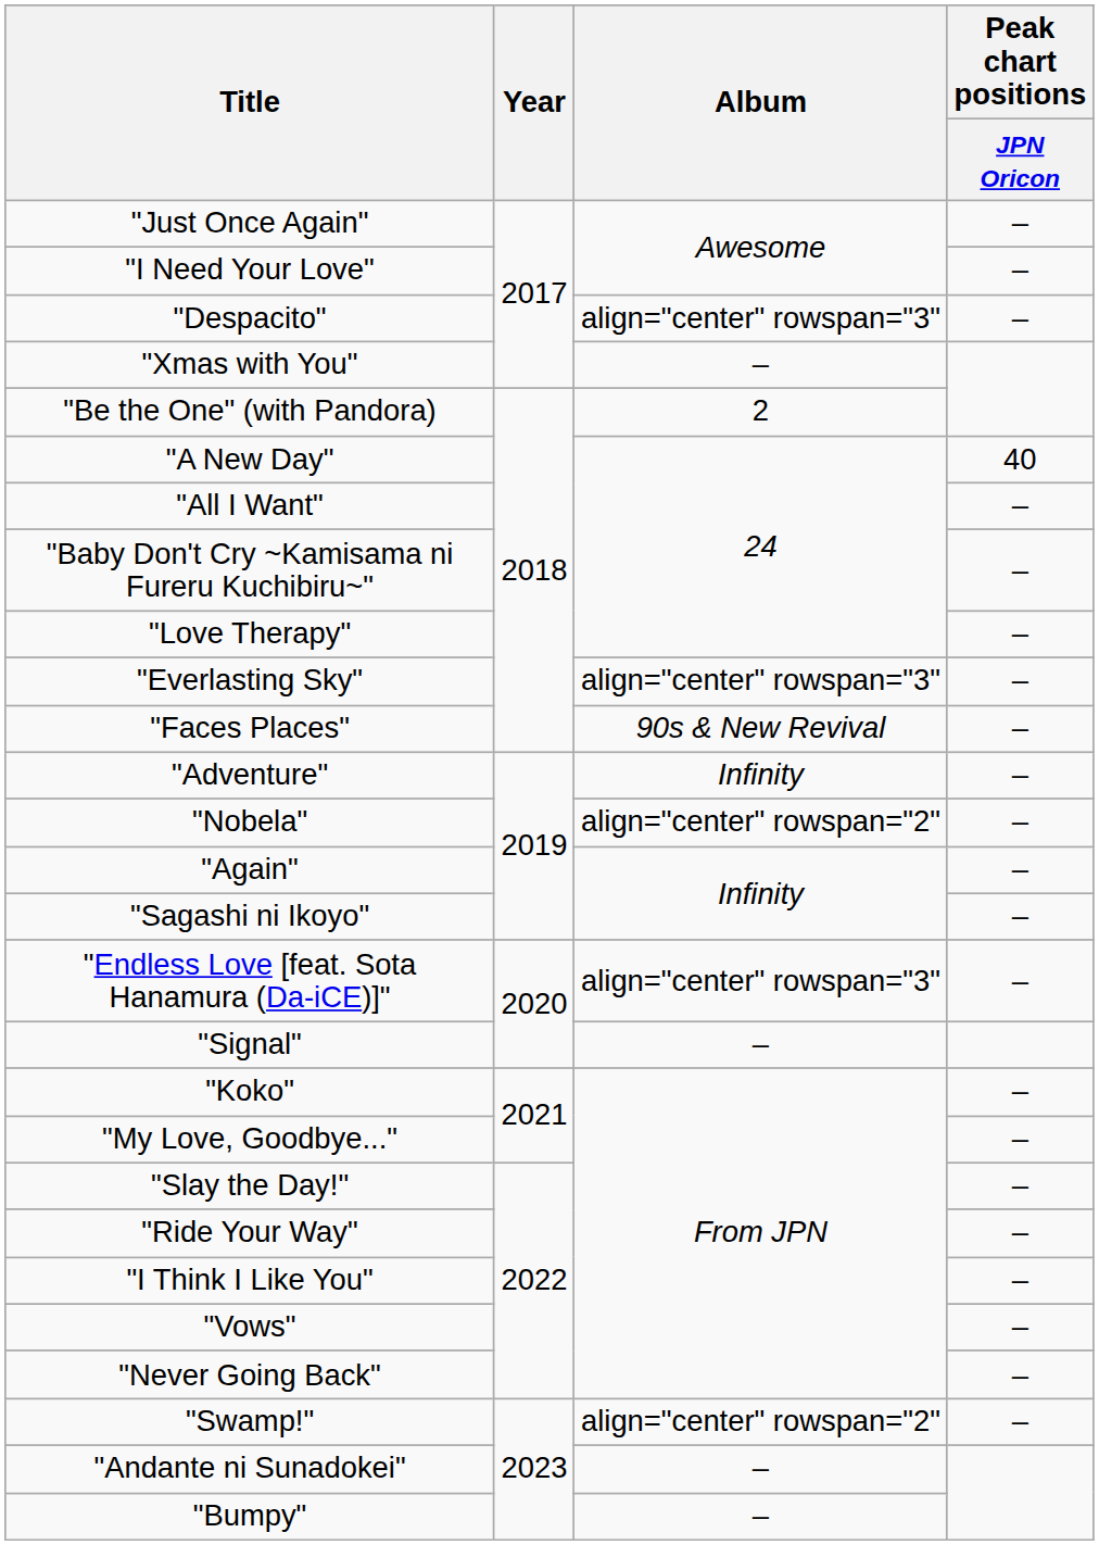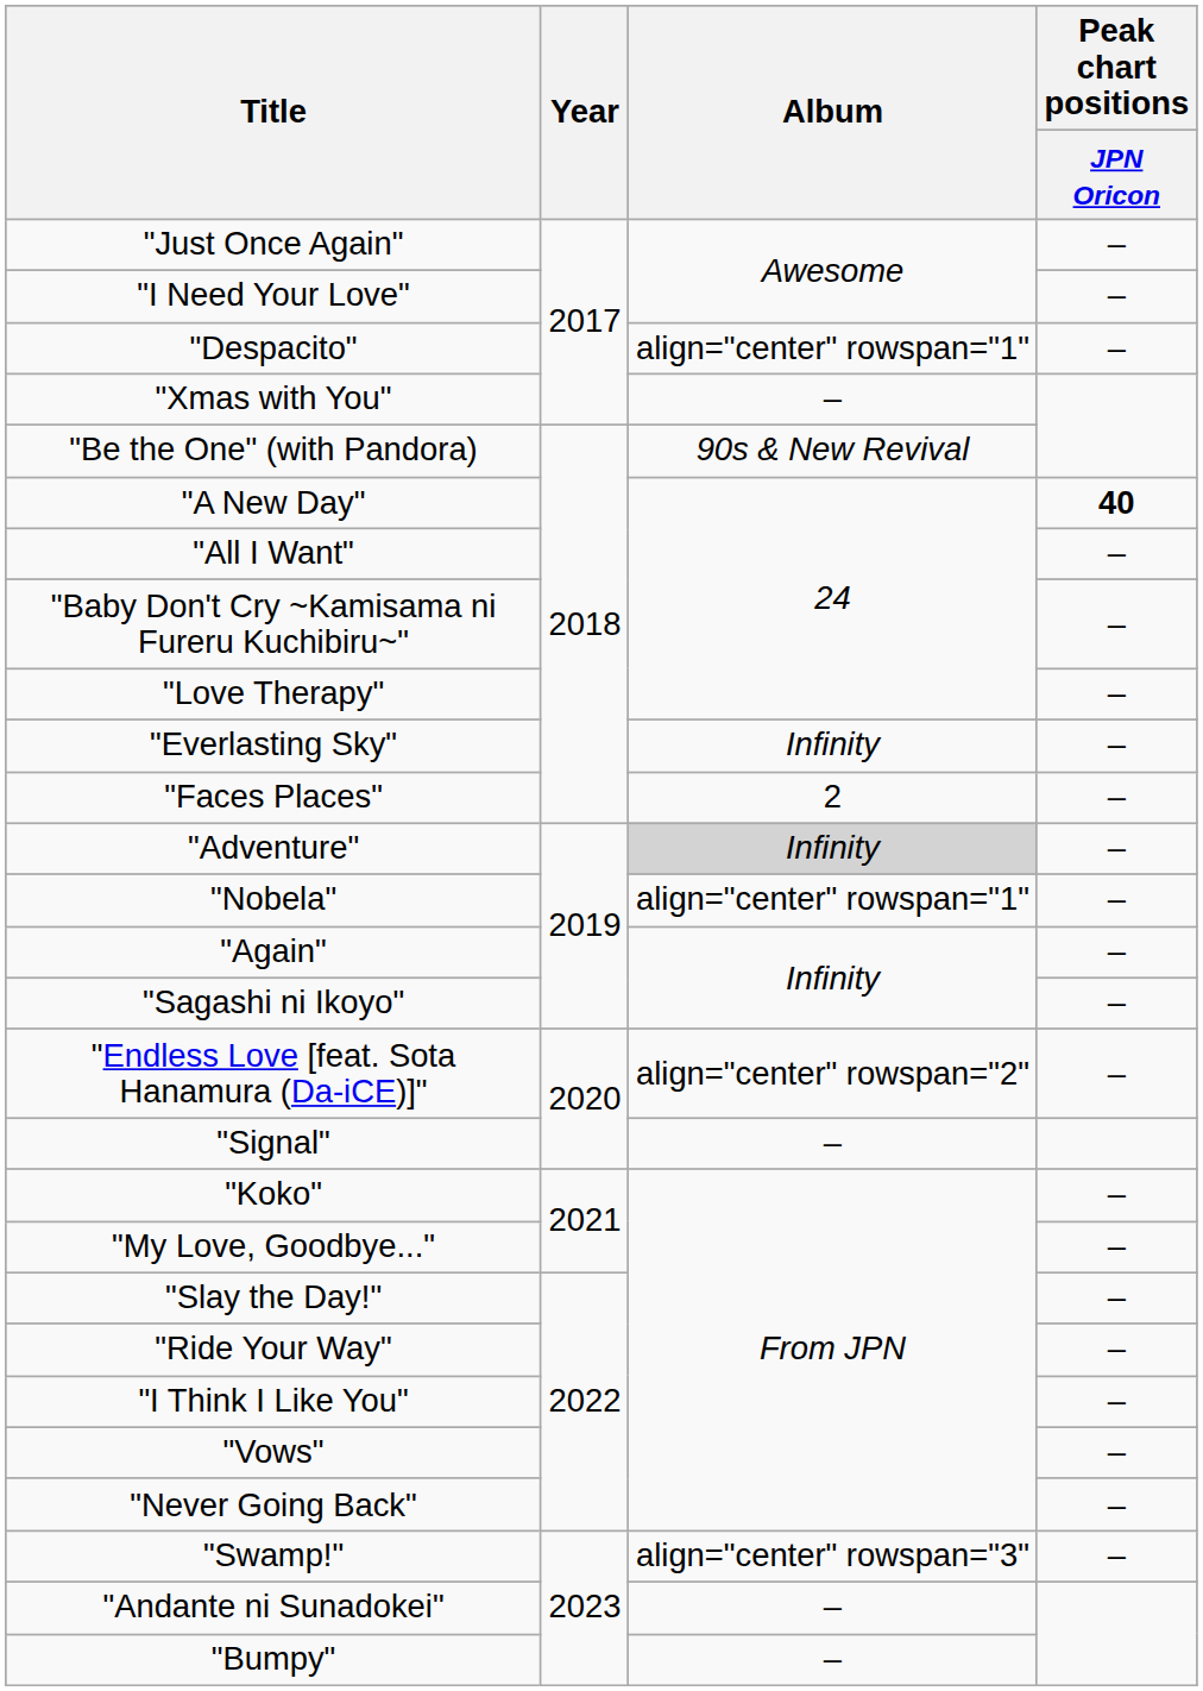 <table class="wikitable plainrowheaders" style="text-align:center;">
 <tr>
 <th rowspan="2" scope="col" style="width:16em;">Title</th>
 <th rowspan="2" scope="col">Year</th>
 <th rowspan="2" scope="col">Album</th>
 <th>Peak chart positions</th>
 </tr>
 <tr>
 <th ! style="width:2.5em;"><small><em><a href='#'>JPN<br>Oricon</a></em></small></th>
 </tr>
 <tr>
 <td>"Just Once Again"</td>
 <td rowspan="4" align="center">2017</td>
 <td rowspan="2" align="center"><em>Awesome</em></td>
 <td>–</td>
 </tr>
 <tr>
 <td>"I Need Your Love"</td>
 <td>–</td>
 </tr>
 <tr>
 <td>"Despacito"</td>
-<td>align="center" rowspan="3"</td>
+<td>align="center" rowspan="1"</td>
 <td>–</td>
 </tr>
 <tr>
 <td>"Xmas with You"</td>
 <td>–</td>
 </tr>
 <tr>
 <td>"Be the One" <span>(with Pandora)</span></td>
 <td rowspan="7">2018</td>
-<td>2</td>
+<td rowspan="1" align="center"><em>90s & New Revival</em></td>
 </tr>
 <tr>
 <td>"A New Day"</td>
 <td rowspan="4" align="center"><em>24</em></td>
-<td>40</td>
+<td><strong>40</strong></td>
 </tr>
 <tr>
 <td>"All I Want"</td>
 <td>–</td>
 </tr>
 <tr>
 <td>"Baby Don't Cry ~Kamisama ni Fureru Kuchibiru~"</td>
 <td>–</td>
 </tr>
 <tr>
 <td>"Love Therapy"</td>
 <td>–</td>
 </tr>
 <tr>
 <td>"Everlasting Sky"</td>
-<td>align="center" rowspan="3"</td>
+<td rowspan="1" align="center"><em>Infinity</em></td>
 <td>–</td>
 </tr>
 <tr>
 <td>"Faces Places"</td>
-<td rowspan="1" align="center"><em>90s & New Revival</em></td>
+<td>2</td>
 <td>–</td>
 </tr>
 <tr>
 <td>"Adventure"</td>
 <td rowspan="4" align="center">2019</td>
-<td rowspan="1" align="center"><em>Infinity</em></td>
+<td rowspan="1" align="center" style="background: lightgrey;"><em>Infinity</em></td>
 <td>–</td>
 </tr>
 <tr>
 <td>"Nobela"</td>
-<td>align="center" rowspan="2"</td>
+<td>align="center" rowspan="1"</td>
 <td>–</td>
 </tr>
 <tr>
 <td>"Again"</td>
 <td rowspan="2" align="center"><em>Infinity</em></td>
 <td>–</td>
 </tr>
 <tr>
 <td>"Sagashi ni Ikoyo"</td>
 <td>–</td>
 </tr>
 <tr>
 <td>"<a href='#'>Endless Love</a> [feat. Sota Hanamura (<a href='#'>Da-iCE</a>)]"</td>
 <td rowspan="2" align="center">2020</td>
-<td>align="center" rowspan="3"</td>
+<td>align="center" rowspan="2"</td>
 <td>–</td>
 </tr>
 <tr>
 <td>"Signal"</td>
 <td>–</td>
 </tr>
 <tr>
 <td>"Koko"</td>
 <td rowspan="2" align="center">2021</td>
 <td rowspan="7" align="center"><em>From JPN</em></td>
 <td>–</td>
 </tr>
 <tr>
 <td>"My Love, Goodbye..."</td>
 <td>–</td>
 </tr>
 <tr>
 <td>"Slay the Day!"</td>
 <td rowspan="5" align="center">2022</td>
 <td>–</td>
 </tr>
 <tr>
 <td>"Ride Your Way"</td>
 <td>–</td>
 </tr>
 <tr>
 <td>"I Think I Like You"</td>
 <td>–</td>
 </tr>
 <tr>
 <td>"Vows"</td>
 <td>–</td>
 </tr>
 <tr>
 <td>"Never Going Back"</td>
 <td>–</td>
 </tr>
 <tr>
 <td>"Swamp!"</td>
 <td rowspan="3">2023</td>
-<td>align="center" rowspan="2"</td>
+<td>align="center" rowspan="3"</td>
 <td>–</td>
 </tr>
 <tr>
 <td>"Andante ni Sunadokei"</td>
 <td>–</td>
 </tr>
 <tr>
 <td>"Bumpy"</td>
 <td>–</td>
 </tr>
 </table>
